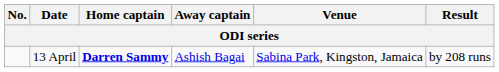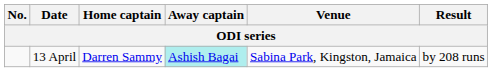 <table class="wikitable">
 <tr>
 <th>No.</th>
 <th>Date</th>
 <th>Home captain</th>
 <th>Away captain</th>
 <th>Venue</th>
 <th>Result</th>
 </tr>
 <tr>
 <th colspan="9">ODI series</th>
 </tr>
 <tr>
 <td></td>
 <td>13 April</td>
-<td><strong><a href='#'>Darren Sammy</a></strong></td>
-<td><a href='#'>Ashish Bagai</a></td>
+<td><a href='#'>Darren Sammy</a></td>
+<td style="background: paleturquoise;"><a href='#'>Ashish Bagai</a></td>
 <td><a href='#'>Sabina Park</a>, Kingston, Jamaica</td>
 <td> by 208 runs</td>
 </tr>
 </table>
